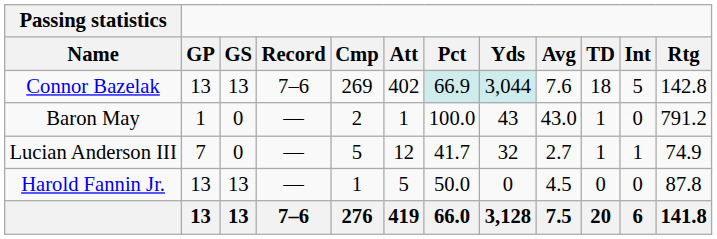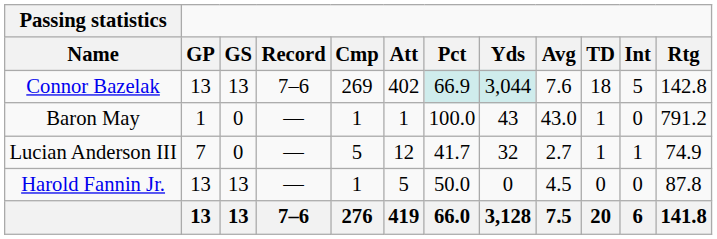 <table class="wikitable sortable" style="text-align:center;">
 <tr>
 <th style="text-align:center; ">Passing statistics</th>
 </tr>
 <tr>
 <th>Name</th>
 <th>GP</th>
 <th>GS</th>
 <th>Record</th>
 <th>Cmp</th>
 <th>Att</th>
 <th>Pct</th>
 <th>Yds</th>
 <th>Avg</th>
 <th>TD</th>
 <th>Int</th>
 <th>Rtg</th>
 </tr>
 <tr>
 <td><a href='#'>Connor Bazelak</a></td>
 <td>13</td>
 <td>13</td>
 <td>7–6</td>
 <td>269</td>
 <td>402</td>
 <td style="background:#cfecec;">66.9</td>
 <td style="background:#cfecec;">3,044</td>
 <td>7.6</td>
 <td>18</td>
 <td>5</td>
 <td>142.8</td>
 </tr>
 <tr>
 <td>Baron May</td>
 <td>1</td>
 <td>0</td>
 <td>—</td>
-<td>2</td>
+<td>1</td>
 <td>1</td>
 <td>100.0</td>
 <td>43</td>
 <td>43.0</td>
 <td>1</td>
 <td>0</td>
 <td>791.2</td>
 </tr>
 <tr>
 <td>Lucian Anderson III</td>
 <td>7</td>
 <td>0</td>
 <td>—</td>
 <td>5</td>
 <td>12</td>
 <td>41.7</td>
 <td>32</td>
 <td>2.7</td>
 <td>1</td>
 <td>1</td>
 <td>74.9</td>
 </tr>
 <tr>
 <td><a href='#'>Harold Fannin Jr.</a></td>
 <td>13</td>
 <td>13</td>
 <td>—</td>
 <td>1</td>
 <td>5</td>
 <td>50.0</td>
 <td>0</td>
 <td>4.5</td>
 <td>0</td>
 <td>0</td>
 <td>87.8</td>
 </tr>
 <tr>
 <th colspan="1"></th>
 <th>13</th>
 <th>13</th>
 <th>7–6</th>
 <th>276</th>
 <th>419</th>
 <th>66.0</th>
 <th>3,128</th>
 <th>7.5</th>
 <th>20</th>
 <th>6</th>
 <th>141.8</th>
 </tr>
 </table>
